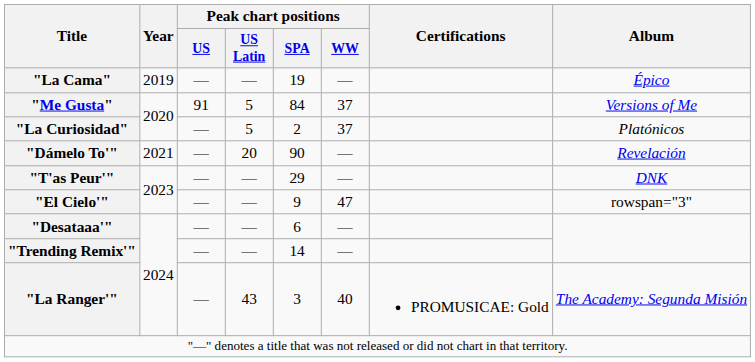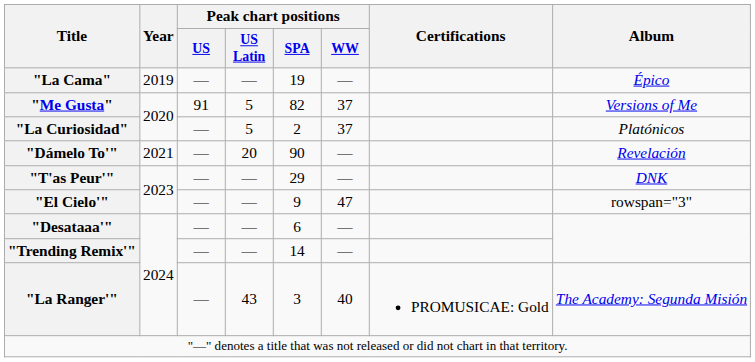 <table class="wikitable plainrowheaders" style='text-align:center;"'>
 <tr>
 <th scope="col" rowspan="2">Title</th>
 <th scope="col" rowspan="2">Year</th>
 <th scope="col" colspan="4">Peak chart positions</th>
 <th scope="col" rowspan="2">Certifications</th>
 <th scope="col" rowspan="2">Album</th>
 </tr>
 <tr>
 <th scope="col" style="width:3em;font-size:90%;"><a href='#'>US</a><br></th>
 <th scope="col" style="width:3em;font-size:90%;"><a href='#'>US Latin</a><br></th>
 <th scope="col" style="width:3em;font-size:90%;"><a href='#'>SPA</a><br></th>
 <th scope="col" style="width:3em;font-size:90%;"><a href='#'>WW</a><br></th>
 </tr>
 <tr>
 <th scope="row">"La Cama" <br></th>
 <td>2019</td>
 <td>—</td>
 <td>—</td>
 <td>19</td>
 <td>—</td>
 <td></td>
 <td><em><a href='#'>Épico</a></em></td>
 </tr>
 <tr>
 <th scope="row">"<a href='#'>Me Gusta</a>" <br></th>
 <td rowspan="2">2020</td>
 <td>91</td>
 <td>5</td>
-<td>84</td>
+<td>82</td>
 <td>37</td>
 <td></td>
 <td><em><a href='#'>Versions of Me</a></em></td>
 </tr>
 <tr>
 <th scope="row">"La Curiosidad"<br></th>
 <td>—</td>
 <td>5</td>
 <td>2</td>
 <td>37</td>
 <td></td>
 <td><em>Platónicos</em></td>
 </tr>
 <tr>
 <th scope="row">"Dámelo To'"<br></th>
 <td>2021</td>
 <td>—</td>
 <td>20</td>
 <td>90</td>
 <td>—</td>
 <td></td>
 <td><em><a href='#'>Revelación</a></em></td>
 </tr>
 <tr>
 <th scope="row">"T'as Peur'"<br></th>
 <td rowspan="2">2023</td>
 <td>—</td>
 <td>—</td>
 <td>29</td>
 <td>—</td>
 <td></td>
 <td><em><a href='#'>DNK</a></em></td>
 </tr>
 <tr>
 <th scope="row">"El Cielo'"<br></th>
 <td>—</td>
 <td>—</td>
 <td>9</td>
 <td>47</td>
 <td></td>
 <td>rowspan="3" </td>
 </tr>
 <tr>
 <th scope="row">"Desataaa'"<br></th>
 <td rowspan="3">2024</td>
 <td>—</td>
 <td>—</td>
 <td>6</td>
 <td>—</td>
 <td></td>
 </tr>
 <tr>
 <th scope="row">"Trending Remix'"<br></th>
 <td>—</td>
 <td>—</td>
 <td>14</td>
 <td>—</td>
 <td></td>
 </tr>
 <tr>
 <th scope="row">"La Ranger'"<br></th>
 <td>—</td>
 <td>43</td>
 <td>3</td>
 <td>40</td>
 <td><br><ul><li>PROMUSICAE: Gold</li></ul></td>
 <td><em><a href='#'>The Academy: Segunda Misión</a></em></td>
 </tr>
 <tr>
 <td colspan="14" style="text-align:center; font-size:85%">"—" denotes a title that was not released or did not chart in that territory.</td>
 </tr>
 </table>
